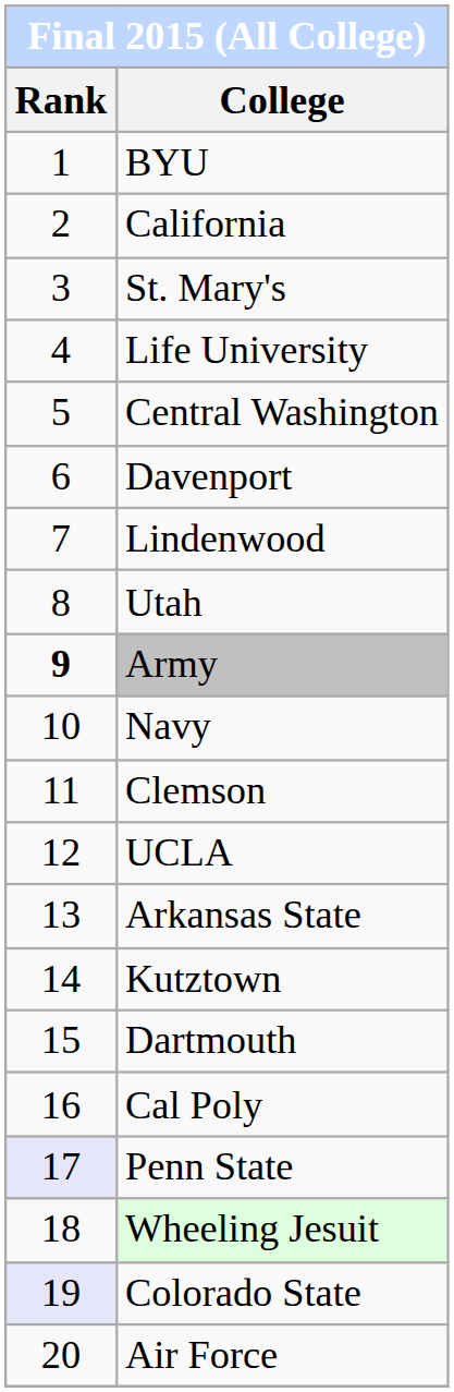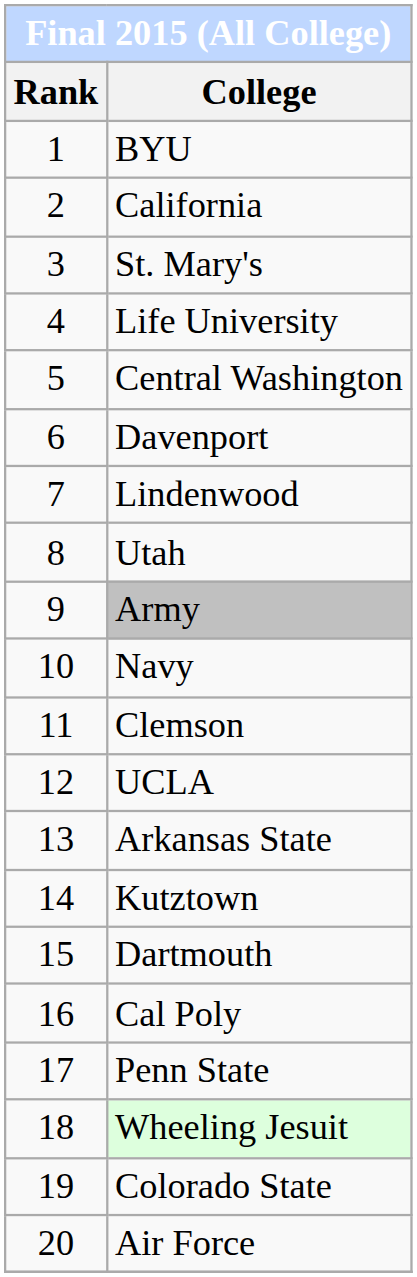 <table class="wikitable sortable collapsible collapsed">
 <tr>
 <th colspan=2 style="background:#BFD7FF;color:white">Final 2015 (All College)</th>
 </tr>
 <tr>
 <th>Rank</th>
 <th>College</th>
 </tr>
 <tr>
 <td align="center ">1</td>
 <td>BYU</td>
 </tr>
 <tr>
 <td align="center ">2</td>
 <td>California</td>
 </tr>
 <tr>
 <td align="center ">3</td>
 <td>St. Mary's</td>
 </tr>
 <tr>
 <td align="center ">4</td>
 <td>Life University</td>
 </tr>
 <tr>
 <td align="center ">5</td>
 <td>Central Washington</td>
 </tr>
 <tr>
 <td align="center ">6</td>
 <td>Davenport</td>
 </tr>
 <tr>
 <td align="center ">7</td>
 <td>Lindenwood</td>
 </tr>
 <tr>
 <td align="center ">8</td>
 <td>Utah</td>
 </tr>
 <tr>
-<td align="center "><strong>9</strong></td>
+<td align="center ">9</td>
 <td style="background:silver">Army</td>
 </tr>
 <tr>
 <td align="center ">10</td>
 <td>Navy</td>
 </tr>
 <tr>
 <td align="center ">11</td>
 <td>Clemson</td>
 </tr>
 <tr>
 <td align="center ">12</td>
 <td>UCLA</td>
 </tr>
 <tr>
 <td align="center ">13</td>
 <td>Arkansas State</td>
 </tr>
 <tr>
 <td align="center ">14</td>
 <td>Kutztown</td>
 </tr>
 <tr>
 <td align="center ">15</td>
 <td>Dartmouth</td>
 </tr>
 <tr>
 <td align="center ">16</td>
 <td>Cal Poly</td>
 </tr>
 <tr>
-<td align="center " style="background: lavender;">17</td>
+<td align="center ">17</td>
 <td>Penn State</td>
 </tr>
 <tr>
 <td align="center ">18</td>
 <td style="background:#dfd;">Wheeling Jesuit</td>
 </tr>
 <tr>
-<td align="center " style="background: lavender;">19</td>
+<td align="center ">19</td>
 <td>Colorado State</td>
 </tr>
 <tr>
 <td align="center ">20</td>
 <td>Air Force</td>
 </tr>
 <tr>
 </tr>
 </table>
